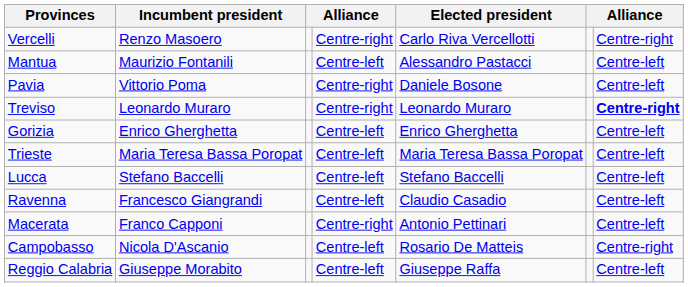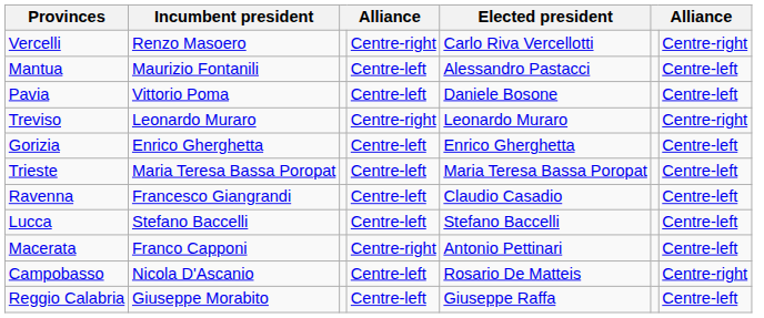 <table class="wikitable sortable centre">
 <tr>
 <th>Provinces</th>
 <th>Incumbent president</th>
 <th colspan=2>Alliance</th>
 <th>Elected president</th>
 <th colspan=2>Alliance</th>
 </tr>
 <tr>
 <td><a href='#'>Vercelli</a></td>
 <td><a href='#'>Renzo Masoero</a></td>
 <td></td>
 <td><a href='#'>Centre-right</a></td>
 <td><a href='#'>Carlo Riva Vercellotti</a></td>
 <td></td>
 <td><a href='#'>Centre-right</a></td>
 </tr>
 <tr>
 <td><a href='#'>Mantua</a></td>
 <td><a href='#'>Maurizio Fontanili</a></td>
 <td></td>
 <td><a href='#'>Centre-left</a></td>
 <td><a href='#'>Alessandro Pastacci</a></td>
 <td></td>
 <td><a href='#'>Centre-left</a></td>
 </tr>
 <tr>
 <td><a href='#'>Pavia</a></td>
 <td><a href='#'>Vittorio Poma</a></td>
 <td></td>
-<td><a href='#'>Centre-right</a></td>
+<td><a href='#'>Centre-left</a></td>
 <td><a href='#'>Daniele Bosone</a></td>
 <td></td>
 <td><a href='#'>Centre-left</a></td>
 </tr>
 <tr>
 <td><a href='#'>Treviso</a></td>
 <td><a href='#'>Leonardo Muraro</a></td>
 <td></td>
 <td><a href='#'>Centre-right</a></td>
 <td><a href='#'>Leonardo Muraro</a></td>
 <td></td>
-<td><strong><a href='#'>Centre-right</a></strong></td>
+<td><a href='#'>Centre-right</a></td>
 </tr>
 <tr>
 <td><a href='#'>Gorizia</a></td>
 <td><a href='#'>Enrico Gherghetta</a></td>
 <td></td>
 <td><a href='#'>Centre-left</a></td>
 <td><a href='#'>Enrico Gherghetta</a></td>
 <td></td>
 <td><a href='#'>Centre-left</a></td>
 </tr>
 <tr>
 <td><a href='#'>Trieste</a></td>
 <td><a href='#'>Maria Teresa Bassa Poropat</a></td>
 <td></td>
 <td><a href='#'>Centre-left</a></td>
 <td><a href='#'>Maria Teresa Bassa Poropat</a></td>
 <td></td>
 <td><a href='#'>Centre-left</a></td>
 </tr>
 <tr>
+<td><a href='#'>Ravenna</a></td>
+<td><a href='#'>Francesco Giangrandi</a></td>
+<td></td>
+<td><a href='#'>Centre-left</a></td>
+<td><a href='#'>Claudio Casadio</a></td>
+<td></td>
+<td><a href='#'>Centre-left</a></td>
+</tr>
+<tr>
 <td><a href='#'>Lucca</a></td>
 <td><a href='#'>Stefano Baccelli</a></td>
 <td></td>
 <td><a href='#'>Centre-left</a></td>
 <td><a href='#'>Stefano Baccelli</a></td>
-<td></td>
-<td><a href='#'>Centre-left</a></td>
-</tr>
-<tr>
-<td><a href='#'>Ravenna</a></td>
-<td><a href='#'>Francesco Giangrandi</a></td>
-<td></td>
-<td><a href='#'>Centre-left</a></td>
-<td><a href='#'>Claudio Casadio</a></td>
 <td></td>
 <td><a href='#'>Centre-left</a></td>
 </tr>
 <tr>
 <td><a href='#'>Macerata</a></td>
 <td><a href='#'>Franco Capponi</a></td>
 <td></td>
 <td><a href='#'>Centre-right</a></td>
 <td><a href='#'>Antonio Pettinari</a></td>
 <td></td>
 <td><a href='#'>Centre-left</a></td>
 </tr>
 <tr>
 <td><a href='#'>Campobasso</a></td>
 <td><a href='#'>Nicola D'Ascanio</a></td>
 <td></td>
 <td><a href='#'>Centre-left</a></td>
 <td><a href='#'>Rosario De Matteis</a></td>
 <td></td>
 <td><a href='#'>Centre-right</a></td>
 </tr>
 <tr>
 <td><a href='#'>Reggio Calabria</a></td>
 <td><a href='#'>Giuseppe Morabito</a></td>
 <td></td>
 <td><a href='#'>Centre-left</a></td>
 <td><a href='#'>Giuseppe Raffa</a></td>
 <td></td>
 <td><a href='#'>Centre-left</a></td>
 </tr>
 </table>
